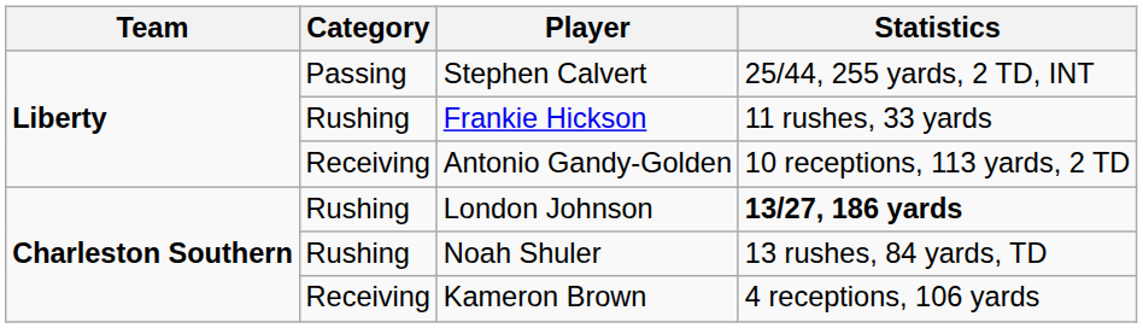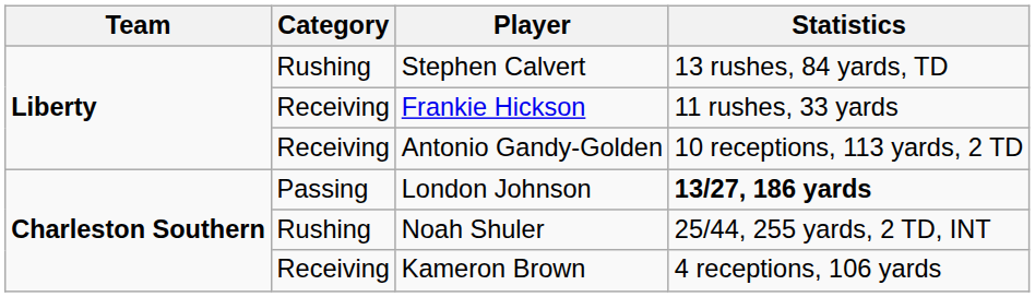 <table class="wikitable" style="float: left;">
 <tr>
 <th>Team</th>
 <th>Category</th>
 <th>Player</th>
 <th>Statistics</th>
 </tr>
 <tr>
 <td rowspan=3><strong>Liberty</strong></td>
-<td>Passing</td>
+<td>Rushing</td>
 <td>Stephen Calvert</td>
-<td>25/44, 255 yards, 2 TD, INT</td>
+<td>13 rushes, 84 yards, TD</td>
 </tr>
 <tr>
-<td>Rushing</td>
+<td>Receiving</td>
 <td><a href='#'>Frankie Hickson</a></td>
 <td>11 rushes, 33 yards</td>
 </tr>
 <tr>
 <td>Receiving</td>
 <td>Antonio Gandy-Golden</td>
 <td>10 receptions, 113 yards, 2 TD</td>
 </tr>
 <tr>
 <td rowspan=3><strong>Charleston Southern</strong></td>
-<td>Rushing</td>
+<td>Passing</td>
 <td>London Johnson</td>
 <td><strong>13/27, 186 yards</strong></td>
 </tr>
 <tr>
 <td>Rushing</td>
 <td>Noah Shuler</td>
-<td>13 rushes, 84 yards, TD</td>
+<td>25/44, 255 yards, 2 TD, INT</td>
 </tr>
 <tr>
 <td>Receiving</td>
 <td>Kameron Brown</td>
 <td>4 receptions, 106 yards</td>
 </tr>
 </table>
